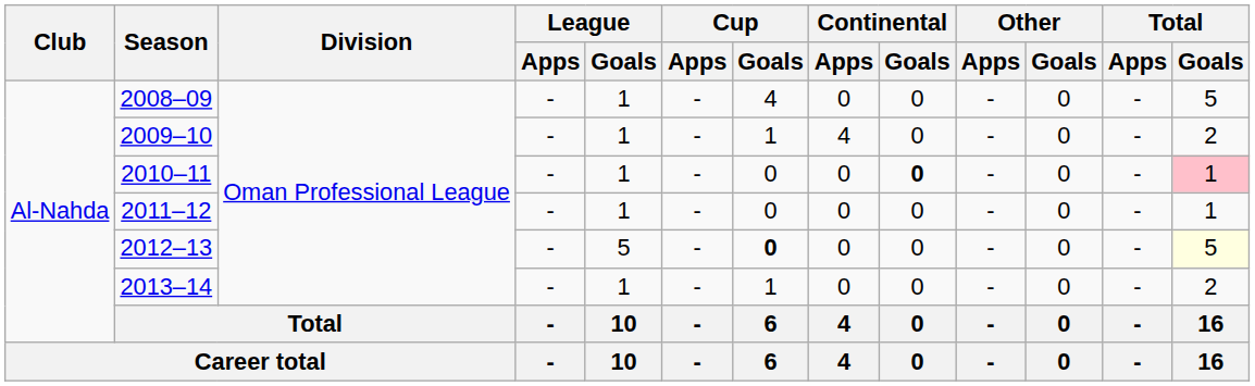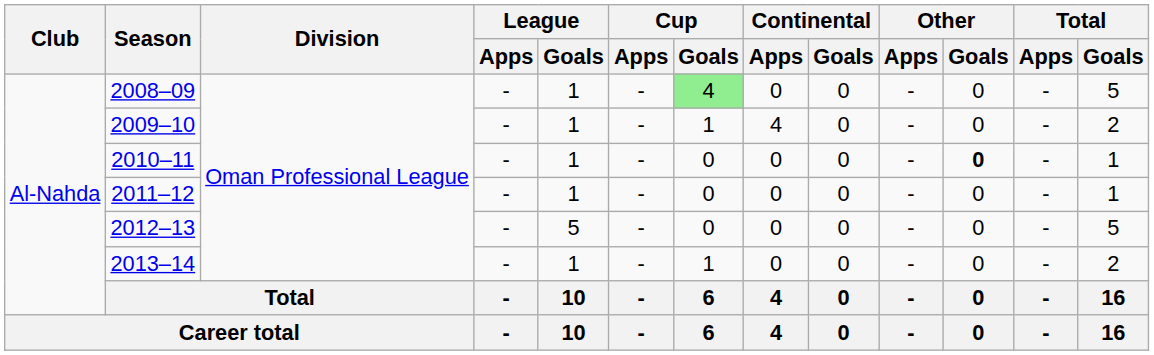 <table class="wikitable" style="text-align: center;">
 <tr>
 <th rowspan="2">Club</th>
 <th rowspan="2">Season</th>
 <th rowspan="2">Division</th>
 <th colspan="2">League</th>
 <th colspan="2">Cup</th>
 <th colspan="2">Continental</th>
 <th colspan="2">Other</th>
 <th colspan="2">Total</th>
 </tr>
 <tr>
 <th>Apps</th>
 <th>Goals</th>
 <th>Apps</th>
 <th>Goals</th>
 <th>Apps</th>
 <th>Goals</th>
 <th>Apps</th>
 <th>Goals</th>
 <th>Apps</th>
 <th>Goals</th>
 </tr>
 <tr>
 <td rowspan="7"><a href='#'>Al-Nahda</a></td>
 <td><a href='#'>2008–09</a></td>
 <td rowspan="6"><a href='#'>Oman Professional League</a></td>
 <td>-</td>
 <td>1</td>
 <td>-</td>
-<td>4</td>
+<td style="background: lightgreen;">4</td>
 <td>0</td>
 <td>0</td>
 <td>-</td>
 <td>0</td>
 <td>-</td>
 <td>5</td>
 </tr>
 <tr>
 <td><a href='#'>2009–10</a></td>
 <td>-</td>
 <td>1</td>
 <td>-</td>
 <td>1</td>
 <td>4</td>
 <td>0</td>
 <td>-</td>
 <td>0</td>
 <td>-</td>
 <td>2</td>
 </tr>
 <tr>
 <td><a href='#'>2010–11</a></td>
 <td>-</td>
 <td>1</td>
 <td>-</td>
 <td>0</td>
 <td>0</td>
+<td>0</td>
+<td>-</td>
 <td><strong>0</strong></td>
 <td>-</td>
-<td>0</td>
-<td>-</td>
-<td style="background: pink;">1</td>
+<td>1</td>
 </tr>
 <tr>
 <td><a href='#'>2011–12</a></td>
 <td>-</td>
 <td>1</td>
 <td>-</td>
 <td>0</td>
 <td>0</td>
 <td>0</td>
 <td>-</td>
 <td>0</td>
 <td>-</td>
 <td>1</td>
 </tr>
 <tr>
 <td><a href='#'>2012–13</a></td>
 <td>-</td>
 <td>5</td>
 <td>-</td>
-<td><strong>0</strong></td>
+<td>0</td>
 <td>0</td>
 <td>0</td>
 <td>-</td>
 <td>0</td>
 <td>-</td>
-<td style="background: lightyellow;">5</td>
+<td>5</td>
 </tr>
 <tr>
 <td><a href='#'>2013–14</a></td>
 <td>-</td>
 <td>1</td>
 <td>-</td>
 <td>1</td>
 <td>0</td>
 <td>0</td>
 <td>-</td>
 <td>0</td>
 <td>-</td>
 <td>2</td>
 </tr>
 <tr>
 <th colspan="2">Total</th>
 <th>-</th>
 <th>10</th>
 <th>-</th>
 <th>6</th>
 <th>4</th>
 <th>0</th>
 <th>-</th>
 <th>0</th>
 <th>-</th>
 <th>16</th>
 </tr>
 <tr>
 <th colspan="3">Career total</th>
 <th>-</th>
 <th>10</th>
 <th>-</th>
 <th>6</th>
 <th>4</th>
 <th>0</th>
 <th>-</th>
 <th>0</th>
 <th>-</th>
 <th>16</th>
 </tr>
 </table>
